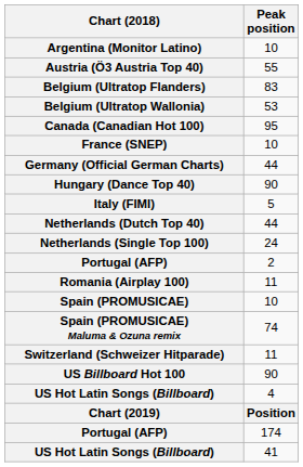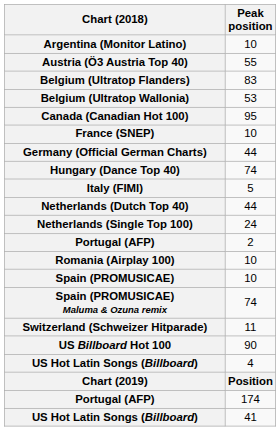 <table class="wikitable plainrowheaders sortable" style="text-align:center">
 <tr>
 <th scope="col">Chart (2018)</th>
 <th scope="col">Peak<br>position</th>
 </tr>
 <tr>
 <th scope="row">Argentina (Monitor Latino)</th>
 <td>10</td>
 </tr>
 <tr>
 <th scope="row">Austria (Ö3 Austria Top 40)</th>
 <td>55</td>
 </tr>
 <tr>
 <th scope="row">Belgium (Ultratop Flanders)</th>
 <td>83</td>
 </tr>
 <tr>
 <th scope="row">Belgium (Ultratop Wallonia)</th>
 <td>53</td>
 </tr>
 <tr>
 <th scope="row">Canada (Canadian Hot 100)</th>
 <td>95</td>
 </tr>
 <tr>
 <th scope="row">France (SNEP)</th>
 <td>10</td>
 </tr>
 <tr>
 <th scope="row">Germany (Official German Charts)</th>
 <td>44</td>
 </tr>
 <tr>
 <th scope="row">Hungary (Dance Top 40)</th>
-<td>90</td>
+<td>74</td>
 </tr>
 <tr>
 <th scope="row">Italy (FIMI)</th>
 <td>5</td>
 </tr>
 <tr>
 <th scope="row">Netherlands (Dutch Top 40)</th>
 <td>44</td>
 </tr>
 <tr>
 <th scope="row">Netherlands (Single Top 100)</th>
 <td>24</td>
 </tr>
 <tr>
 <th scope="row">Portugal (AFP)</th>
 <td>2</td>
 </tr>
 <tr>
 <th scope="row">Romania (Airplay 100)</th>
-<td>11</td>
+<td>10</td>
 </tr>
 <tr>
 <th scope="row">Spain (PROMUSICAE)</th>
 <td>10</td>
 </tr>
 <tr>
 <th scope="row">Spain (PROMUSICAE)<br><small><em>Maluma & Ozuna remix</em></small></th>
 <td>74</td>
 </tr>
 <tr>
 <th scope="row">Switzerland (Schweizer Hitparade)</th>
 <td>11</td>
 </tr>
 <tr>
 <th scope="row">US <em>Billboard</em> Hot 100</th>
 <td>90</td>
 </tr>
 <tr>
 <th scope="row">US Hot Latin Songs (<em>Billboard</em>)</th>
 <td>4</td>
 </tr>
 <tr>
 <th scope="col" style="width:19em;">Chart (2019)</th>
 <th scope="col">Position</th>
 </tr>
 <tr>
 <th scope="row">Portugal (AFP)</th>
 <td>174</td>
 </tr>
 <tr>
 <th scope="row">US Hot Latin Songs (<em>Billboard</em>)</th>
 <td>41</td>
 </tr>
 </table>
